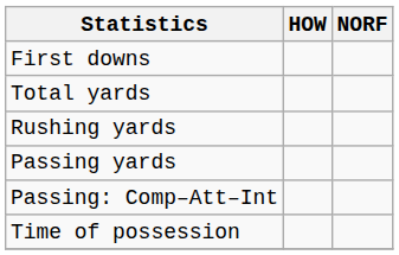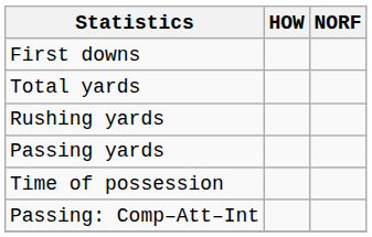 <table class="wikitable" style="float: left;">
 <tr>
 <th>Statistics</th>
 <th>HOW</th>
 <th>NORF</th>
 </tr>
 <tr>
 <td>First downs</td>
 <td></td>
 <td></td>
 </tr>
 <tr>
 <td>Total yards</td>
 <td></td>
 <td></td>
 </tr>
 <tr>
 <td>Rushing yards</td>
 <td></td>
 <td></td>
 </tr>
 <tr>
 <td>Passing yards</td>
 <td></td>
 <td></td>
 </tr>
 <tr>
-<td>Passing: Comp–Att–Int</td>
+<td>Time of possession</td>
 <td></td>
 <td></td>
 </tr>
 <tr>
-<td>Time of possession</td>
+<td>Passing: Comp–Att–Int</td>
 <td></td>
 <td></td>
 </tr>
 <tr>
 </tr>
 </table>
